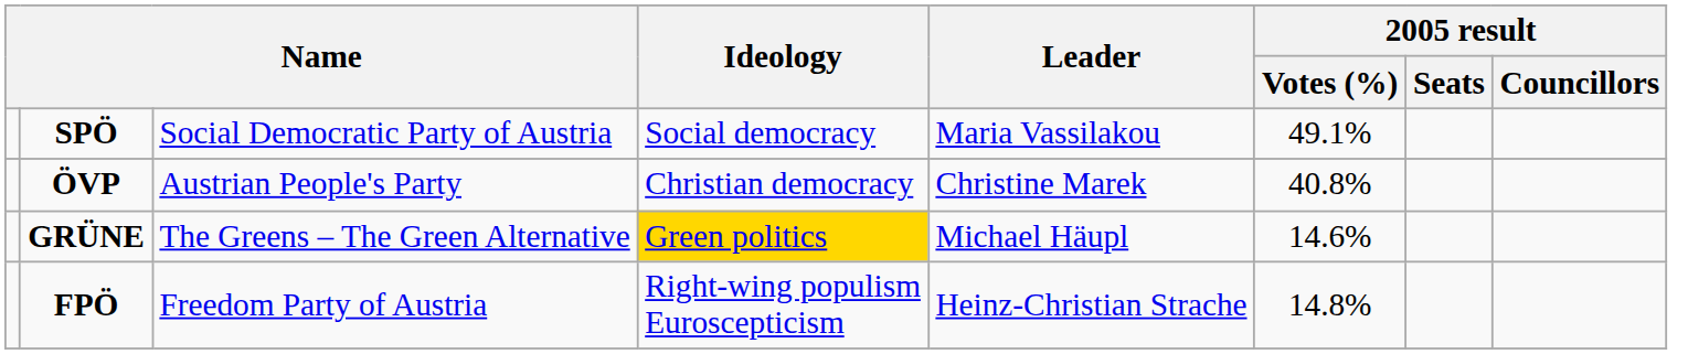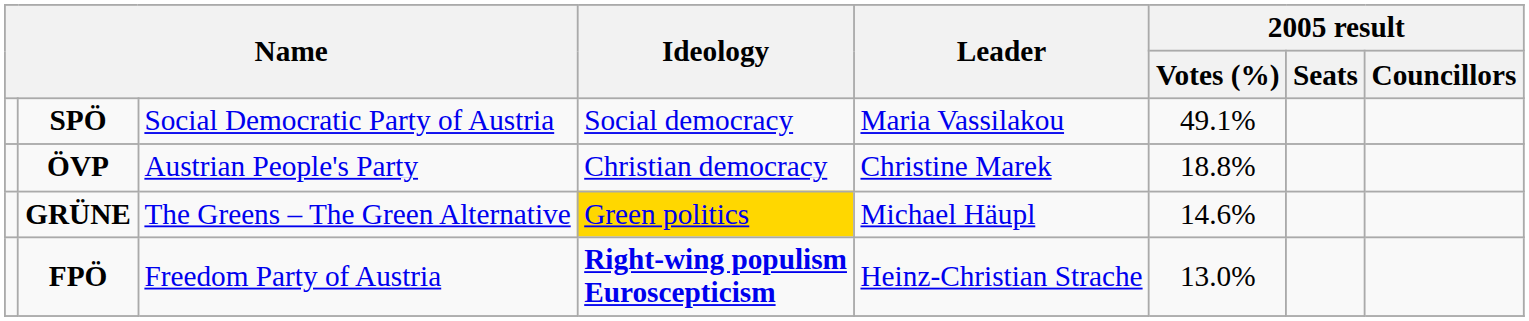 <table class="wikitable">
 <tr>
 <th rowspan="2" colspan="3">Name</th>
 <th rowspan="2">Ideology</th>
 <th rowspan="2">Leader</th>
 <th colspan="3">2005 result</th>
 </tr>
 <tr>
 <th>Votes (%)</th>
 <th>Seats</th>
 <th>Councillors</th>
 </tr>
 <tr>
 <td style="background:"></td>
 <td style="text-align:center;"><strong>SPÖ</strong></td>
 <td><a href='#'>Social Democratic Party of Austria</a><br></td>
 <td><a href='#'>Social democracy</a></td>
 <td><a href='#'>Maria Vassilakou</a></td>
 <td style="text-align:center;">49.1%</td>
 <td></td>
 <td></td>
 </tr>
 <tr>
 <td style="background:"></td>
 <td style="text-align:center;"><strong>ÖVP</strong></td>
 <td><a href='#'>Austrian People's Party</a><br></td>
 <td><a href='#'>Christian democracy</a></td>
 <td><a href='#'>Christine Marek</a></td>
-<td style="text-align:center;">40.8%</td>
+<td style="text-align:center;">18.8%</td>
 <td></td>
 <td></td>
 </tr>
 <tr>
 <td style="background:"></td>
 <td style="text-align:center;"><strong>GRÜNE</strong></td>
 <td><a href='#'>The Greens – The Green Alternative</a><br></td>
 <td style="background: gold;"><a href='#'>Green politics</a></td>
 <td><a href='#'>Michael Häupl</a></td>
 <td style="text-align:center;">14.6%</td>
 <td></td>
 <td></td>
 </tr>
 <tr>
 <td style="background:"></td>
 <td style="text-align:center;"><strong>FPÖ</strong></td>
 <td><a href='#'>Freedom Party of Austria</a><br></td>
-<td><a href='#'>Right-wing populism</a><br><a href='#'>Euroscepticism</a></td>
+<td><strong><a href='#'>Right-wing populism</a><br><a href='#'>Euroscepticism</a></strong></td>
 <td><a href='#'>Heinz-Christian Strache</a></td>
-<td style="text-align:center;">14.8%</td>
+<td style="text-align:center;">13.0%</td>
 <td></td>
 <td></td>
 </tr>
 </table>
